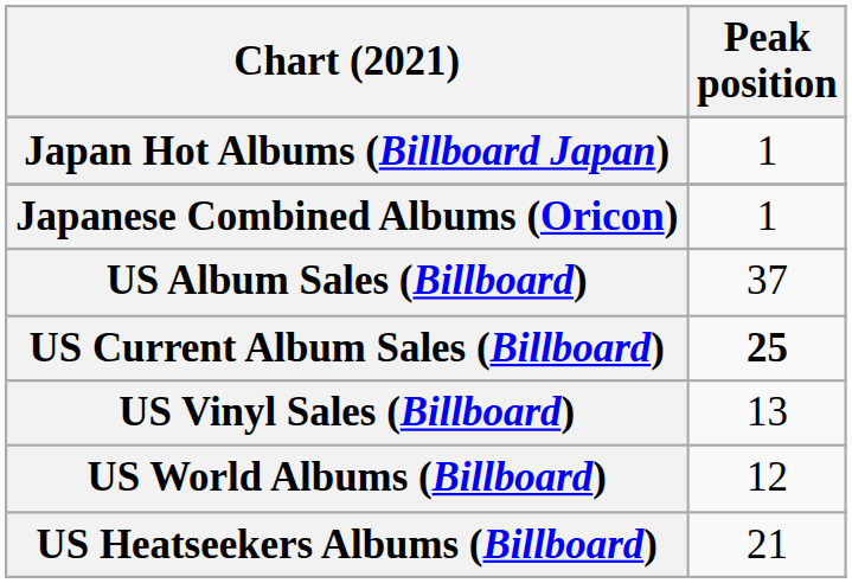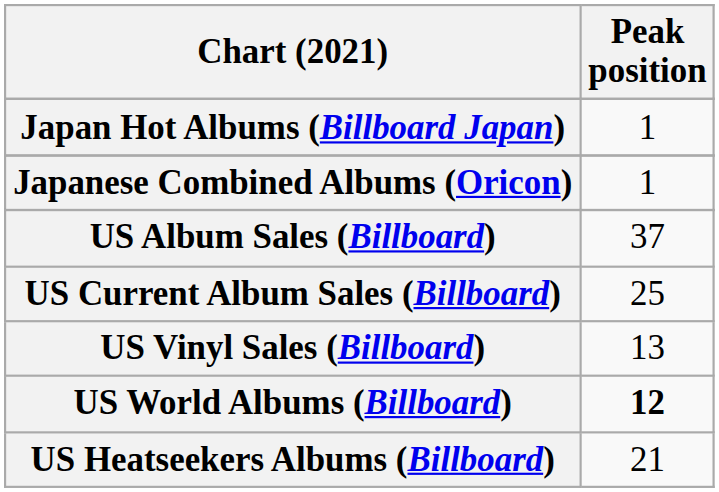 <table class="wikitable sortable plainrowheaders" style="text-align:center">
 <tr>
 <th scope="col">Chart (2021)</th>
 <th scope="col">Peak<br>position</th>
 </tr>
 <tr>
 </tr>
 <tr>
 <th scope="row">Japan Hot Albums (<em><a href='#'>Billboard Japan</a></em>)</th>
 <td>1</td>
 </tr>
 <tr>
 </tr>
 <tr>
 <th scope="row">Japanese Combined Albums (<a href='#'>Oricon</a>)</th>
 <td>1</td>
 </tr>
 <tr>
 </tr>
 <tr>
 <th scope="row">US Album Sales (<em><a href='#'>Billboard</a></em>)</th>
 <td>37</td>
 </tr>
 <tr>
 <th scope="row">US Current Album Sales (<em><a href='#'>Billboard</a></em>)</th>
-<td><strong>25</strong></td>
+<td>25</td>
 </tr>
 <tr>
 <th scope="row">US Vinyl Sales (<em><a href='#'>Billboard</a></em>)</th>
 <td>13</td>
 </tr>
 <tr>
 <th scope="row">US World Albums (<em><a href='#'>Billboard</a></em>)</th>
-<td>12</td>
+<td><strong>12</strong></td>
 </tr>
 <tr>
 <th scope="row">US Heatseekers Albums (<em><a href='#'>Billboard</a></em>)</th>
 <td>21</td>
 </tr>
 </table>
